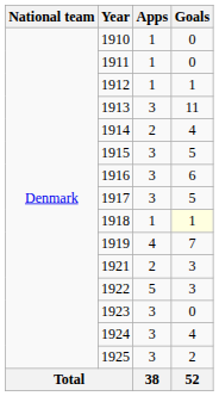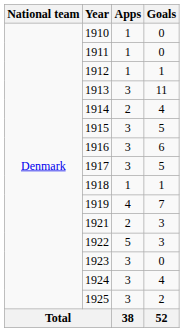 <table class="wikitable" style="text-align:center">
 <tr>
 <th>National team</th>
 <th>Year</th>
 <th>Apps</th>
 <th>Goals</th>
 </tr>
 <tr>
 <td rowspan="15"><a href='#'>Denmark</a></td>
 <td>1910</td>
 <td>1</td>
 <td>0</td>
 </tr>
 <tr>
 <td>1911</td>
 <td>1</td>
 <td>0</td>
 </tr>
 <tr>
 <td>1912</td>
 <td>1</td>
 <td>1</td>
 </tr>
 <tr>
 <td>1913</td>
 <td>3</td>
 <td>11</td>
 </tr>
 <tr>
 <td>1914</td>
 <td>2</td>
 <td>4</td>
 </tr>
 <tr>
 <td>1915</td>
 <td>3</td>
 <td>5</td>
 </tr>
 <tr>
 <td>1916</td>
 <td>3</td>
 <td>6</td>
 </tr>
 <tr>
 <td>1917</td>
 <td>3</td>
 <td>5</td>
 </tr>
 <tr>
 <td>1918</td>
 <td>1</td>
-<td style="background: lightyellow;">1</td>
+<td>1</td>
 </tr>
 <tr>
 <td>1919</td>
 <td>4</td>
 <td>7</td>
 </tr>
 <tr>
 <td>1921</td>
 <td>2</td>
 <td>3</td>
 </tr>
 <tr>
 <td>1922</td>
 <td>5</td>
 <td>3</td>
 </tr>
 <tr>
 <td>1923</td>
 <td>3</td>
 <td>0</td>
 </tr>
 <tr>
 <td>1924</td>
 <td>3</td>
 <td>4</td>
 </tr>
 <tr>
 <td>1925</td>
 <td>3</td>
 <td>2</td>
 </tr>
 <tr>
 <th colspan="2">Total</th>
 <th>38</th>
 <th>52</th>
 </tr>
 </table>
